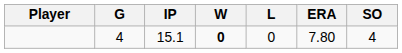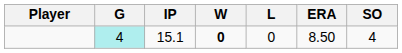 <table class="wikitable sortable">
 <tr>
 <th bgcolor="#DDDDFF" width="16%">Player</th>
 <th bgcolor="#DDDDFF" width="9%">G</th>
 <th bgcolor="#DDDDFF" width="9%">IP</th>
 <th bgcolor="#DDDDFF" width="9%">W</th>
 <th bgcolor="#DDDDFF" width="9%">L</th>
 <th bgcolor="#DDDDFF" width="9%">ERA</th>
 <th bgcolor="#DDDDFF" width="9%">SO</th>
 </tr>
 <tr align="center">
 <td></td>
-<td>4</td>
+<td style="background: paleturquoise;">4</td>
 <td>15.1</td>
 <td><strong>0</strong></td>
 <td>0</td>
-<td>7.80</td>
+<td>8.50</td>
 <td>4</td>
 </tr>
 </table>
